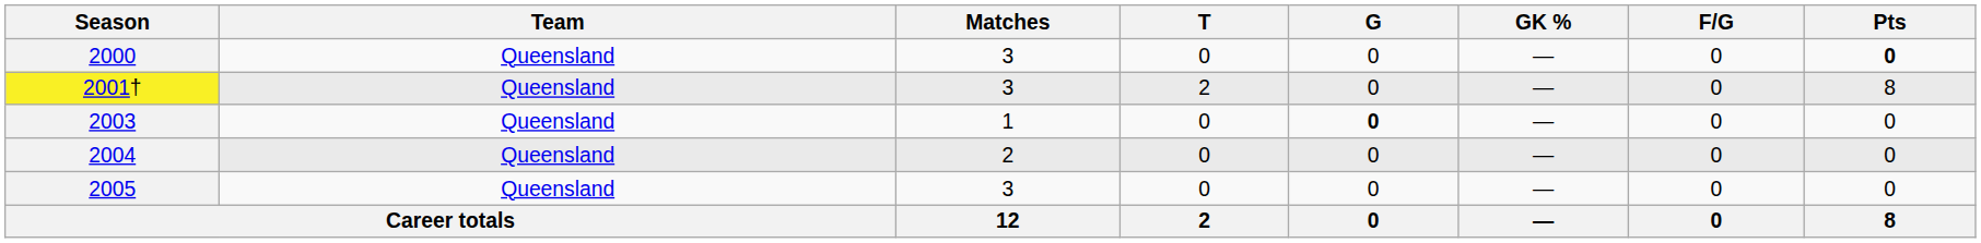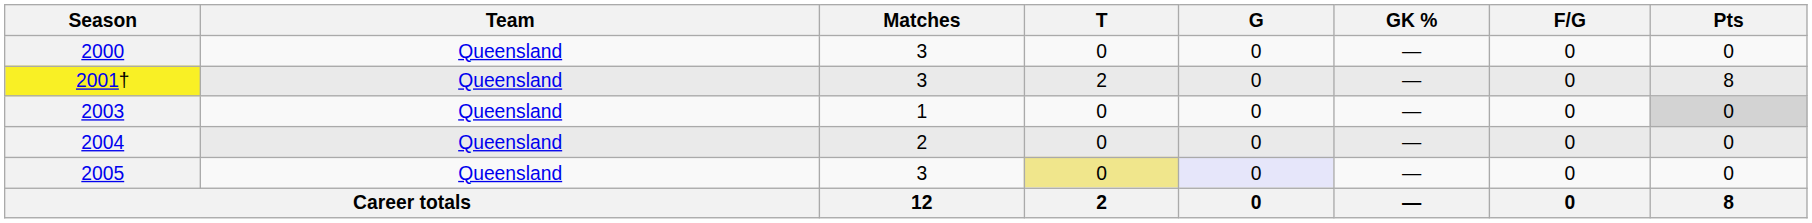 <table class="wikitable sortable"  style="font-size:90%; text-align:center; width:85%;">
 <tr>
 <th width=2%>Season</th>
 <th width=8%>Team</th>
 <th width=2%>Matches</th>
 <th width=2%>T</th>
 <th width=2%>G</th>
 <th width=2%>GK %</th>
 <th width=2%>F/G</th>
 <th width=2%>Pts</th>
 </tr>
 <tr>
 <th scope="row" style="text-align:center; font-weight:normal"><a href='#'>2000</a></th>
 <td style="text-align:center;"> <a href='#'>Queensland</a></td>
 <td>3</td>
 <td>0</td>
 <td>0</td>
 <td>—</td>
 <td>0</td>
-<td><strong>0</strong></td>
+<td>0</td>
 </tr>
 <tr style="background-color: #EAEAEA">
 <th scope="row" style="text-align:center;background:#f9f025; font-weight:normal"><a href='#'>2001</a>†</th>
 <td style="text-align:center;"> <a href='#'>Queensland</a></td>
 <td>3</td>
 <td>2</td>
 <td>0</td>
 <td>—</td>
 <td>0</td>
 <td>8</td>
 </tr>
 <tr>
 <th scope="row" style="text-align:center; font-weight:normal"><a href='#'>2003</a></th>
 <td style="text-align:center;"> <a href='#'>Queensland</a></td>
 <td>1</td>
 <td>0</td>
-<td><strong>0</strong></td>
+<td>0</td>
 <td>—</td>
 <td>0</td>
-<td>0</td>
+<td style="background: lightgrey;">0</td>
 </tr>
 <tr style="background-color: #EAEAEA">
 <th scope="row" style="text-align:center; font-weight:normal"><a href='#'>2004</a></th>
 <td style="text-align:center;"> <a href='#'>Queensland</a></td>
 <td>2</td>
 <td>0</td>
 <td>0</td>
 <td>—</td>
 <td>0</td>
 <td>0</td>
 </tr>
 <tr>
 <th scope="row" style="text-align:center; font-weight:normal"><a href='#'>2005</a></th>
 <td style="text-align:center;"> <a href='#'>Queensland</a></td>
 <td>3</td>
-<td>0</td>
-<td>0</td>
+<td style="background: khaki;">0</td>
+<td style="background: lavender;">0</td>
 <td>—</td>
 <td>0</td>
 <td>0</td>
 </tr>
 <tr class="sortbottom">
 <th colspan=2>Career totals</th>
 <th>12</th>
 <th>2</th>
 <th>0</th>
 <th>—</th>
 <th>0</th>
 <th>8</th>
 </tr>
 </table>
